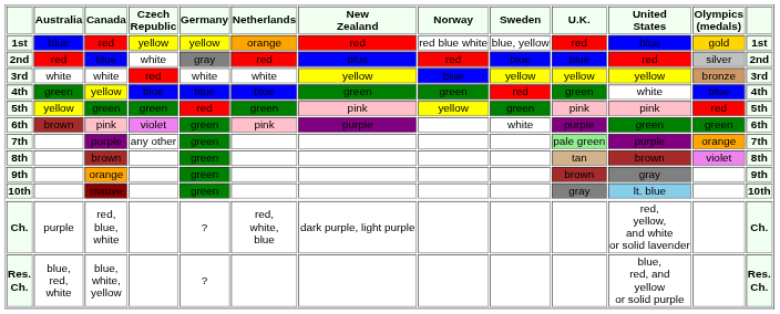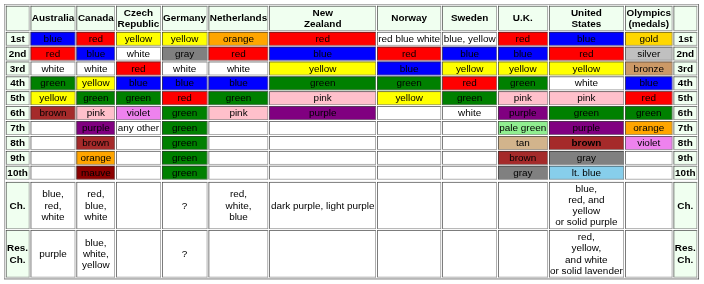 <table border="1">
 <tr bgcolor="honeydew">
 <th></th>
 <th>Australia</th>
 <th>Canada</th>
 <th>Czech<br>Republic</th>
 <th>Germany</th>
 <th>Netherlands</th>
 <th>New<br> Zealand</th>
 <th>Norway</th>
 <th>Sweden</th>
 <th>U.K.</th>
 <th>United<br>States</th>
 <th>Olympics<br>(medals)</th>
 <th></th>
 </tr>
 <tr align="center">
 <td bgcolor="honeydew"><strong>1st</strong></td>
 <td bgcolor="blue"><span>blue</span></td>
 <td bgcolor="red"><span>red</span></td>
 <td bgcolor="yellow"><span>yellow</span></td>
 <td bgcolor="yellow"><span>yellow</span></td>
 <td bgcolor="orange"><span>orange</span></td>
 <td bgcolor="red"><span>red</span></td>
 <td bgcolor="white"><span>red blue white</span></td>
 <td bgcolor="white"><span>blue, yellow</span></td>
 <td bgcolor="red"><span>red</span></td>
 <td bgcolor="blue"><span>blue</span></td>
 <td bgcolor="gold"><span>gold</span></td>
 <td bgcolor="honeydew"><strong>1st</strong></td>
 </tr>
 <tr align="center">
 <td bgcolor="honeydew"><strong>2nd</strong></td>
 <td bgcolor="red"><span>red</span></td>
 <td bgcolor="blue"><span>blue</span></td>
 <td bgcolor="white"><span>white</span></td>
 <td bgcolor="gray"><span>gray</span></td>
 <td bgcolor="red"><span>red</span></td>
 <td bgcolor="blue"><span>blue</span></td>
 <td bgcolor="red"><span>red</span></td>
 <td bgcolor="blue"><span>blue</span></td>
 <td bgcolor="blue"><span>blue</span></td>
 <td bgcolor="red"><span>red</span></td>
 <td bgcolor="silver"><span>silver</span></td>
 <td bgcolor="honeydew"><strong>2nd</strong></td>
 </tr>
 <tr align="center">
 <td bgcolor="honeydew"><strong>3rd</strong></td>
 <td bgcolor="white"><span>white</span></td>
 <td bgcolor="white"><span>white</span></td>
 <td bgcolor="red"><span>red</span></td>
 <td bgcolor="white"><span>white</span></td>
 <td bgcolor="white"><span>white</span></td>
 <td bgcolor="yellow"><span>yellow</span></td>
 <td bgcolor="blue"><span>blue</span></td>
 <td bgcolor="yellow"><span>yellow</span></td>
 <td bgcolor="yellow"><span>yellow</span></td>
 <td bgcolor="yellow"><span>yellow</span></td>
 <td bgcolor="#CC9966"><span>bronze</span></td>
 <td bgcolor="honeydew"><strong>3rd</strong></td>
 </tr>
 <tr align="center">
 <td bgcolor="honeydew"><strong>4th</strong></td>
 <td bgcolor="green"><span>green</span></td>
 <td bgcolor="yellow"><span>yellow</span></td>
 <td bgcolor="blue"><span>blue</span></td>
 <td bgcolor="blue"><span>blue</span></td>
 <td bgcolor="blue"><span>blue</span></td>
 <td bgcolor="green"><span>green</span></td>
 <td bgcolor="green"><span>green</span></td>
 <td bgcolor="red"><span>red</span></td>
 <td bgcolor="green"><span>green</span></td>
 <td bgcolor="white"><span>white</span></td>
 <td bgcolor="blue"><span>blue</span></td>
 <td bgcolor="honeydew"><strong>4th</strong></td>
 </tr>
 <tr align="center">
 <td bgcolor="honeydew"><strong>5th</strong></td>
 <td bgcolor="yellow"><span>yellow</span></td>
 <td bgcolor="green"><span>green</span></td>
 <td bgcolor="green"><span>green</span></td>
 <td bgcolor="red"><span>red</span></td>
 <td bgcolor="green"><span>green</span></td>
 <td bgcolor="pink"><span>pink</span></td>
 <td bgcolor="yellow"><span>yellow</span></td>
 <td bgcolor="green"><span>green</span></td>
 <td bgcolor="pink"><span>pink</span></td>
 <td bgcolor="pink"><span>pink</span></td>
 <td bgcolor="red"><span>red</span></td>
 <td bgcolor="honeydew"><strong>5th</strong></td>
 </tr>
 <tr align="center">
 <td bgcolor="honeydew"><strong>6th</strong></td>
 <td bgcolor="brown"><span>brown</span></td>
 <td bgcolor="pink"><span>pink</span></td>
 <td bgcolor="violet"><span>violet</span></td>
 <td bgcolor="green"><span>green</span></td>
 <td bgcolor="pink"><span>pink</span></td>
 <td bgcolor="purple"><span>purple</span></td>
 <td></td>
 <td bgcolor="white"><span>white</span></td>
 <td bgcolor="purple"><span>purple</span></td>
 <td bgcolor="green"><span>green</span></td>
 <td bgcolor="green"><span>green</span></td>
 <td bgcolor="honeydew"><strong>6th</strong></td>
 </tr>
 <tr align="center">
 <td bgcolor="honeydew"><strong>7th</strong></td>
 <td></td>
 <td bgcolor="purple"><span>purple</span></td>
 <td>any other</td>
 <td bgcolor="green"><span>green</span></td>
 <td></td>
 <td></td>
 <td></td>
 <td></td>
 <td bgcolor="lightgreen"><span>pale green</span></td>
 <td bgcolor="purple"><span>purple</span></td>
 <td bgcolor="orange"><span>orange</span></td>
 <td bgcolor="honeydew"><strong>7th</strong></td>
 </tr>
 <tr align="center">
 <td bgcolor="honeydew"><strong>8th</strong></td>
 <td></td>
 <td bgcolor="brown"><span>brown</span></td>
 <td></td>
 <td bgcolor="green"><span>green</span></td>
 <td></td>
 <td></td>
 <td></td>
 <td></td>
 <td bgcolor="tan"><span>tan</span></td>
-<td bgcolor="brown"><span>brown</span></td>
+<td bgcolor="brown"><strong><span>brown</span></strong></td>
 <td bgcolor="violet"><span>violet</span></td>
 <td bgcolor="honeydew"><strong>8th</strong></td>
 </tr>
 <tr align="center">
 <td bgcolor="honeydew"><strong>9th</strong></td>
 <td></td>
 <td bgcolor="orange"><span>orange</span></td>
 <td></td>
 <td bgcolor="green"><span>green</span></td>
 <td></td>
 <td></td>
 <td></td>
 <td></td>
 <td bgcolor="brown"><span>brown</span></td>
 <td bgcolor="gray"><span>gray</span></td>
 <td></td>
 <td bgcolor="honeydew"><strong>9th</strong></td>
 </tr>
 <tr align="center">
 <td bgcolor="honeydew"><strong>10th</strong></td>
 <td></td>
 <td bgcolor="darkred"><span>mauve</span></td>
 <td></td>
 <td bgcolor="green"><span>green</span></td>
 <td></td>
 <td></td>
 <td></td>
 <td></td>
 <td bgcolor="gray"><span>gray</span></td>
 <td bgcolor="skyblue"><span>lt. blue</span></td>
 <td></td>
 <td bgcolor="honeydew"><strong>10th</strong></td>
 </tr>
 <tr bgcolor="honeydew">
 </tr>
 <tr align="center">
 <td bgcolor="honeydew"><strong>Ch.</strong></td>
-<td>purple <br></td>
+<td>blue,<br> red,<br> white</td>
 <td>red,<br> blue,<br> white</td>
 <td></td>
 <td>?</td>
 <td>red,<br> white,<br> blue</td>
 <td>dark purple, light purple</td>
 <td></td>
 <td></td>
 <td></td>
-<td>red,<br> yellow,<br>and white<br> or solid lavender</td>
+<td>blue,<br> red, and<br> yellow<br> or solid purple</td>
 <td></td>
 <td bgcolor="honeydew"><strong>Ch.</strong></td>
 </tr>
 <tr align="center">
 <td bgcolor="honeydew"><strong>Res.<br>Ch.</strong></td>
-<td>blue,<br> red,<br> white</td>
+<td>purple <br></td>
 <td>blue,<br> white,<br> yellow</td>
 <td></td>
 <td>?</td>
 <td></td>
 <td></td>
 <td></td>
 <td></td>
 <td></td>
-<td>blue,<br> red, and<br> yellow<br> or solid purple</td>
+<td>red,<br> yellow,<br>and white<br> or solid lavender</td>
 <td></td>
 <td bgcolor="honeydew"><strong>Res.<br>Ch.</strong></td>
 </tr>
 </table>
